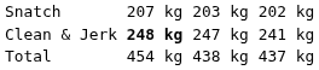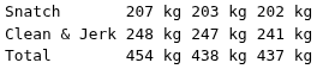 <table>
 <tr>
 <td>Snatch</td>
 <td></td>
 <td>207 kg</td>
 <td></td>
 <td>203 kg</td>
 <td></td>
 <td>202 kg</td>
 </tr>
 <tr>
 <td>Clean & Jerk</td>
 <td></td>
-<td><strong>248 kg</strong></td>
+<td>248 kg</td>
 <td></td>
 <td>247 kg</td>
 <td></td>
 <td>241 kg</td>
 </tr>
 <tr>
 <td>Total</td>
 <td></td>
 <td>454 kg</td>
 <td></td>
 <td>438 kg</td>
 <td></td>
 <td>437 kg</td>
 </tr>
 </table>
